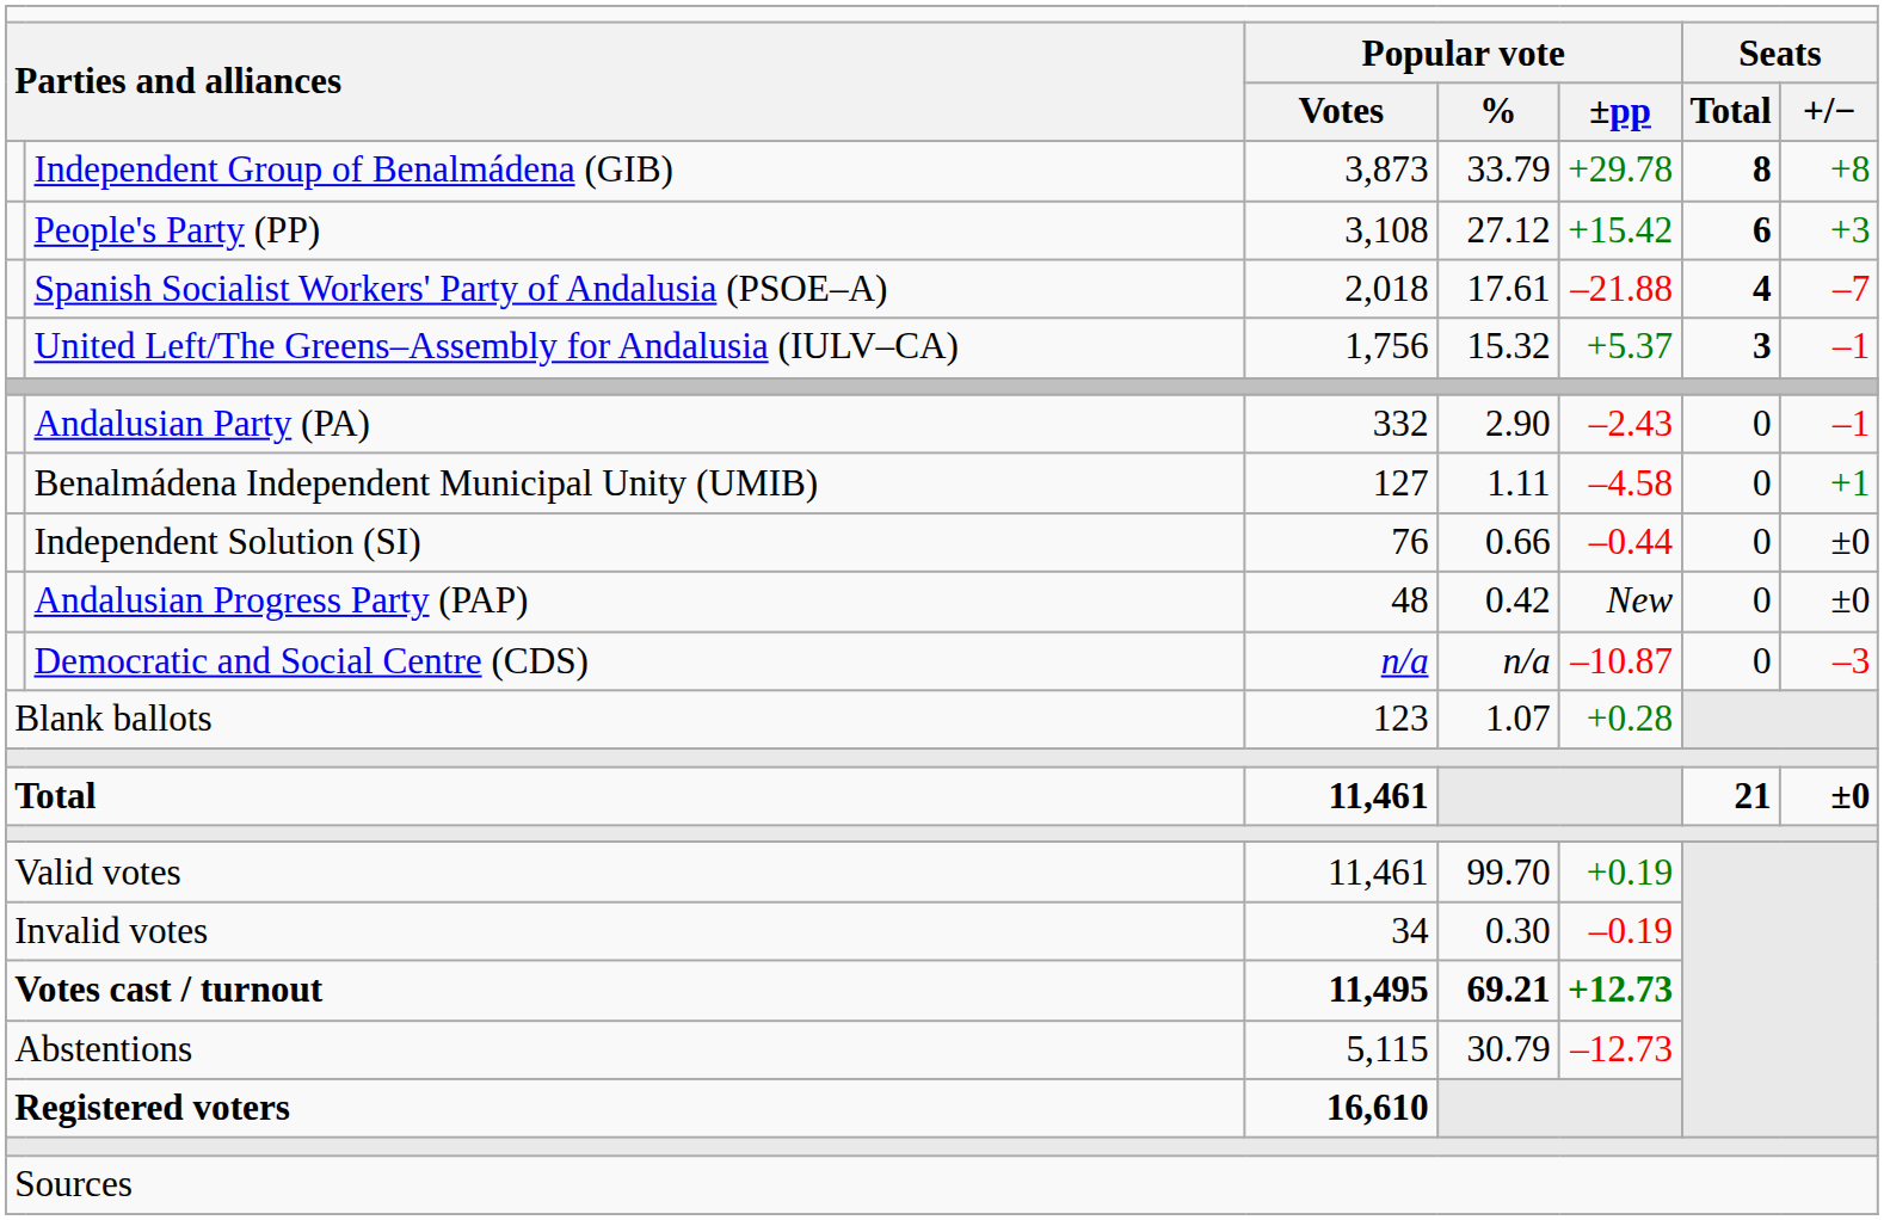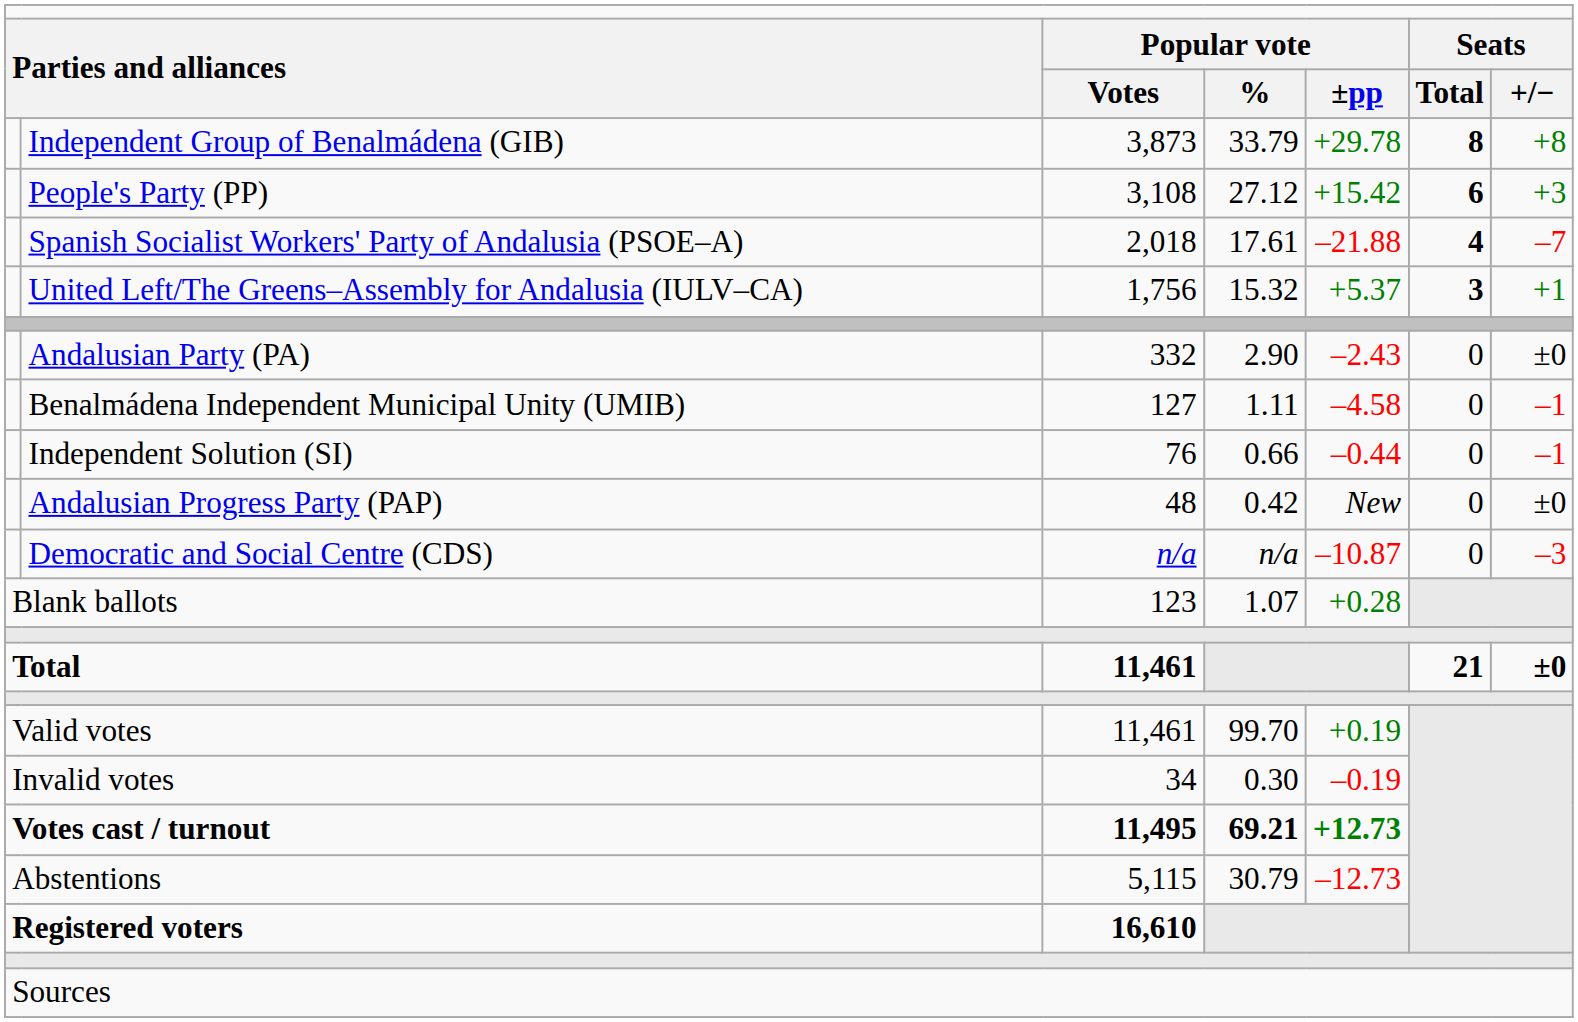 <table class="wikitable" style="text-align:right;">
 <tr>
 <td colspan="7"></td>
 </tr>
 <tr>
 <th style="text-align:left;" rowspan="2" colspan="2" width="525">Parties and alliances</th>
 <th colspan="3">Popular vote</th>
 <th colspan="2">Seats</th>
 </tr>
 <tr>
 <th width="75">Votes</th>
 <th width="45">%</th>
 <th width="45">±<a href='#'>pp</a></th>
 <th width="35">Total</th>
 <th width="35">+/−</th>
 </tr>
 <tr>
 <td width="1" style="color:inherit;background:"></td>
 <td align="left"><a href='#'>Independent Group of Benalmádena</a> (GIB)</td>
 <td>3,873</td>
 <td>33.79</td>
 <td style="color:green;">+29.78</td>
 <td><strong>8</strong></td>
 <td style="color:green;">+8</td>
 </tr>
 <tr>
 <td style="color:inherit;background:"></td>
 <td align="left"><a href='#'>People's Party</a> (PP)</td>
 <td>3,108</td>
 <td>27.12</td>
 <td style="color:green;">+15.42</td>
 <td><strong>6</strong></td>
 <td style="color:green;">+3</td>
 </tr>
 <tr>
 <td style="color:inherit;background:"></td>
 <td align="left"><a href='#'>Spanish Socialist Workers' Party of Andalusia</a> (PSOE–A)</td>
 <td>2,018</td>
 <td>17.61</td>
 <td style="color:red;">–21.88</td>
 <td><strong>4</strong></td>
 <td style="color:red;">–7</td>
 </tr>
 <tr>
 <td style="color:inherit;background:"></td>
 <td align="left"><a href='#'>United Left/The Greens–Assembly for Andalusia</a> (IULV–CA)</td>
 <td>1,756</td>
 <td>15.32</td>
 <td style="color:green;">+5.37</td>
 <td><strong>3</strong></td>
-<td style="color:red;">–1</td>
+<td style="color:green;">+1</td>
 </tr>
 <tr>
 <td colspan="7" bgcolor="#C0C0C0"></td>
 </tr>
 <tr>
 <td style="color:inherit;background:"></td>
 <td align="left"><a href='#'>Andalusian Party</a> (PA)</td>
 <td>332</td>
 <td>2.90</td>
 <td style="color:red;">–2.43</td>
 <td>0</td>
-<td style="color:red;">–1</td>
+<td>±0</td>
 </tr>
 <tr>
 <td style="color:inherit;background:"></td>
 <td align="left">Benalmádena Independent Municipal Unity (UMIB)</td>
 <td>127</td>
 <td>1.11</td>
 <td style="color:red;">–4.58</td>
 <td>0</td>
-<td style="color:green;">+1</td>
+<td style="color:red;">–1</td>
 </tr>
 <tr>
 <td style="color:inherit;background:"></td>
 <td align="left">Independent Solution (SI)</td>
 <td>76</td>
 <td>0.66</td>
 <td style="color:red;">–0.44</td>
 <td>0</td>
-<td>±0</td>
+<td style="color:red;">–1</td>
 </tr>
 <tr>
 <td style="color:inherit;background:"></td>
 <td align="left"><a href='#'>Andalusian Progress Party</a> (PAP)</td>
 <td>48</td>
 <td>0.42</td>
 <td><em>New</em></td>
 <td>0</td>
 <td>±0</td>
 </tr>
 <tr>
 <td style="color:inherit;background:"></td>
 <td align="left"><a href='#'>Democratic and Social Centre</a> (CDS)</td>
 <td><em><a href='#'>n/a</a></em></td>
 <td><em>n/a</em></td>
 <td style="color:red;">–10.87</td>
 <td>0</td>
 <td style="color:red;">–3</td>
 </tr>
 <tr>
 <td align="left" colspan="2">Blank ballots</td>
 <td>123</td>
 <td>1.07</td>
 <td style="color:green;">+0.28</td>
 <td bgcolor="#E9E9E9" colspan="2"></td>
 </tr>
 <tr>
 <td colspan="7" bgcolor="#E9E9E9"></td>
 </tr>
 <tr style="font-weight:bold;">
 <td align="left" colspan="2">Total</td>
 <td>11,461</td>
 <td bgcolor="#E9E9E9" colspan="2"></td>
 <td>21</td>
 <td>±0</td>
 </tr>
 <tr>
 <td colspan="7" bgcolor="#E9E9E9"></td>
 </tr>
 <tr>
 <td align="left" colspan="2">Valid votes</td>
 <td>11,461</td>
 <td>99.70</td>
 <td style="color:green;">+0.19</td>
 <td bgcolor="#E9E9E9" colspan="2" rowspan="5"></td>
 </tr>
 <tr>
 <td align="left" colspan="2">Invalid votes</td>
 <td>34</td>
 <td>0.30</td>
 <td style="color:red;">–0.19</td>
 </tr>
 <tr style="font-weight:bold;">
 <td align="left" colspan="2">Votes cast / turnout</td>
 <td>11,495</td>
 <td>69.21</td>
 <td style="color:green;">+12.73</td>
 </tr>
 <tr>
 <td align="left" colspan="2">Abstentions</td>
 <td>5,115</td>
 <td>30.79</td>
 <td style="color:red;">–12.73</td>
 </tr>
 <tr style="font-weight:bold;">
 <td align="left" colspan="2">Registered voters</td>
 <td>16,610</td>
 <td bgcolor="#E9E9E9" colspan="2"></td>
 </tr>
 <tr>
 <td colspan="7" bgcolor="#E9E9E9"></td>
 </tr>
 <tr>
 <td align="left" colspan="7">Sources</td>
 </tr>
 </table>
